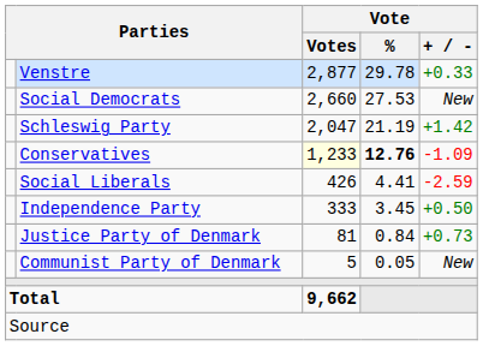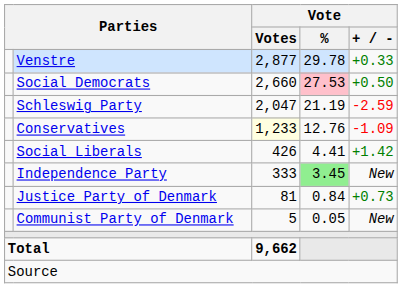 <table class="wikitable" style="text-align:right;">
 <tr>
 <th style="text-align:centre;" rowspan="2" colspan="2" width="225">Parties</th>
 <th colspan="3">Vote</th>
 </tr>
 <tr>
 <th width="15">Votes</th>
 <th width="15">%</th>
 <th width="15">+ / -</th>
 </tr>
 <tr>
 <td width="2" style="color:inherit;background:"></td>
 <td bgcolor=#cfe5fe  align="left"><a href='#'>Venstre</a></td>
 <td bgcolor=#cfe5fe>2,877</td>
 <td bgcolor=#cfe5fe>29.78</td>
 <td style=color:green;>+0.33</td>
 </tr>
 <tr>
 <td width="2" style="color:inherit;background:"></td>
 <td align="left"><a href='#'>Social Democrats</a></td>
 <td>2,660</td>
-<td>27.53</td>
-<td><em>New</em></td>
+<td style="background: pink;">27.53</td>
+<td style=color:green;>+0.50</td>
 </tr>
 <tr>
 <td width="2" style="color:inherit;background:"></td>
 <td align="left"><a href='#'>Schleswig Party</a></td>
 <td>2,047</td>
 <td>21.19</td>
-<td style=color:green;>+1.42</td>
+<td style=color:red;>-2.59</td>
 </tr>
 <tr>
 <td width="2" style="color:inherit;background:"></td>
 <td align="left"><a href='#'>Conservatives</a></td>
 <td style="background: lightyellow;">1,233</td>
-<td><strong>12.76</strong></td>
+<td>12.76</td>
 <td style=color:red;>-1.09</td>
 </tr>
 <tr>
 <td width="2" style="color:inherit;background:"></td>
 <td align="left"><a href='#'>Social Liberals</a></td>
 <td>426</td>
 <td>4.41</td>
-<td style=color:red;>-2.59</td>
+<td style=color:green;>+1.42</td>
 </tr>
 <tr>
 <td width="2" style="color:inherit;background:"></td>
 <td align="left"><a href='#'>Independence Party</a></td>
 <td>333</td>
-<td>3.45</td>
-<td style=color:green;>+0.50</td>
+<td style="background: lightgreen;">3.45</td>
+<td><em>New</em></td>
 </tr>
 <tr>
 <td width="2" style="color:inherit;background:"></td>
 <td align="left"><a href='#'>Justice Party of Denmark</a></td>
 <td>81</td>
 <td>0.84</td>
 <td style=color:green;>+0.73</td>
 </tr>
 <tr>
 <td width="2" style="color:inherit;background:"></td>
 <td align="left"><a href='#'>Communist Party of Denmark</a></td>
 <td>5</td>
 <td>0.05</td>
 <td><em>New</em></td>
 </tr>
 <tr>
 <td colspan="7" bgcolor="#E9E9E9"></td>
 </tr>
 <tr>
 <td align="left" colspan="2"><strong>Total</strong></td>
 <td><strong>9,662</strong></td>
 <td bgcolor="#E9E9E9" colspan="2"></td>
 </tr>
 <tr>
 <td align="left" colspan="6">Source</td>
 </tr>
 </table>
